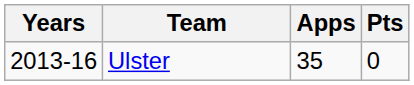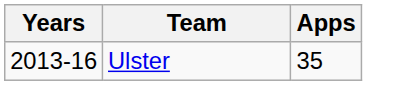 <table class="wikitable" style="text-align:left;">
 <tr>
 <th>Years</th>
 <th width=120px>Team</th>
 <th>Apps</th>
-<th>Pts</th>
 </tr>
 <tr>
 <td>2013-16</td>
 <td><a href='#'>Ulster</a></td>
 <td>35</td>
-<td>0</td>
 </tr>
 </table>
